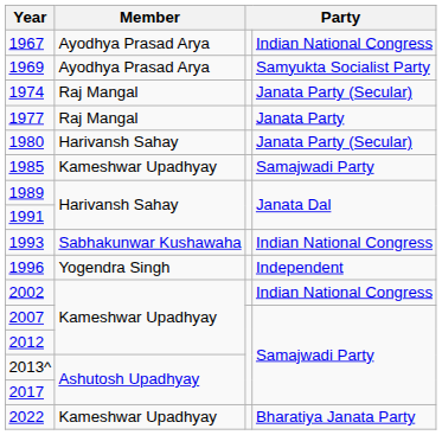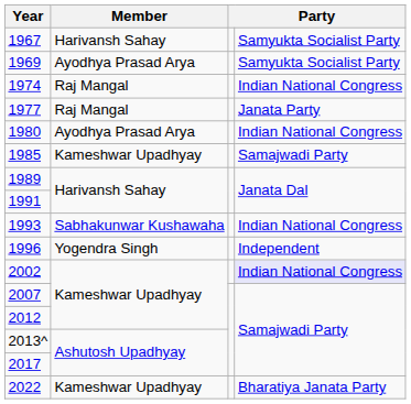 <table class="wikitable">
 <tr>
 <th>Year</th>
 <th>Member</th>
 <th colspan="2">Party</th>
 </tr>
 <tr>
 <td><a href='#'>1967</a></td>
-<td>Ayodhya Prasad Arya</td>
+<td>Harivansh Sahay</td>
 <td style="background-color: "></td>
-<td><a href='#'>Indian National Congress</a></td>
+<td><a href='#'>Samyukta Socialist Party</a></td>
 </tr>
 <tr>
 <td><a href='#'>1969</a></td>
 <td>Ayodhya Prasad Arya</td>
 <td style="background-color: "></td>
 <td><a href='#'>Samyukta Socialist Party</a></td>
 </tr>
 <tr>
 <td><a href='#'>1974</a></td>
 <td>Raj Mangal</td>
 <td style="background-color: "></td>
-<td><a href='#'>Janata Party (Secular)</a></td>
+<td><a href='#'>Indian National Congress</a></td>
 </tr>
 <tr>
 <td><a href='#'>1977</a></td>
 <td>Raj Mangal</td>
 <td style="background-color: "></td>
 <td><a href='#'>Janata Party</a></td>
 </tr>
 <tr>
 <td><a href='#'>1980</a></td>
-<td>Harivansh Sahay</td>
+<td>Ayodhya Prasad Arya</td>
 <td style="background-color: "></td>
-<td><a href='#'>Janata Party (Secular)</a></td>
+<td><a href='#'>Indian National Congress</a></td>
 </tr>
 <tr>
 <td><a href='#'>1985</a></td>
 <td>Kameshwar Upadhyay</td>
 <td style="background-color: "></td>
 <td><a href='#'>Samajwadi Party</a></td>
 </tr>
 <tr>
 <td><a href='#'>1989</a></td>
 <td rowspan="2">Harivansh Sahay</td>
 <td rowspan="2" style="background-color: "></td>
 <td rowspan="2"><a href='#'>Janata Dal</a></td>
 </tr>
 <tr>
 <td><a href='#'>1991</a></td>
 </tr>
 <tr>
 <td><a href='#'>1993</a></td>
 <td><a href='#'>Sabhakunwar Kushawaha</a></td>
 <td style="background-color: "></td>
 <td><a href='#'>Indian National Congress</a></td>
 </tr>
 <tr>
 <td><a href='#'>1996</a></td>
 <td>Yogendra Singh</td>
 <td style="background-color: "></td>
 <td><a href='#'>Independent</a></td>
 </tr>
 <tr>
 <td><a href='#'>2002</a></td>
 <td rowspan="3">Kameshwar Upadhyay</td>
 <td style="background-color: "></td>
-<td><a href='#'>Indian National Congress</a></td>
+<td style="background: lavender;"><a href='#'>Indian National Congress</a></td>
 </tr>
 <tr>
 <td><a href='#'>2007</a></td>
 <td rowspan="4" style="background-color: "></td>
 <td rowspan="4"><a href='#'>Samajwadi Party</a></td>
 </tr>
 <tr>
 <td><a href='#'>2012</a></td>
 </tr>
 <tr>
 <td>2013^</td>
 <td rowspan="2"><a href='#'>Ashutosh Upadhyay</a></td>
 </tr>
 <tr>
 <td><a href='#'>2017</a></td>
 </tr>
 <tr>
 <td><a href='#'>2022</a></td>
 <td>Kameshwar Upadhyay</td>
 <td style="background-color: "></td>
 <td><a href='#'>Bharatiya Janata Party</a></td>
 </tr>
 </table>
